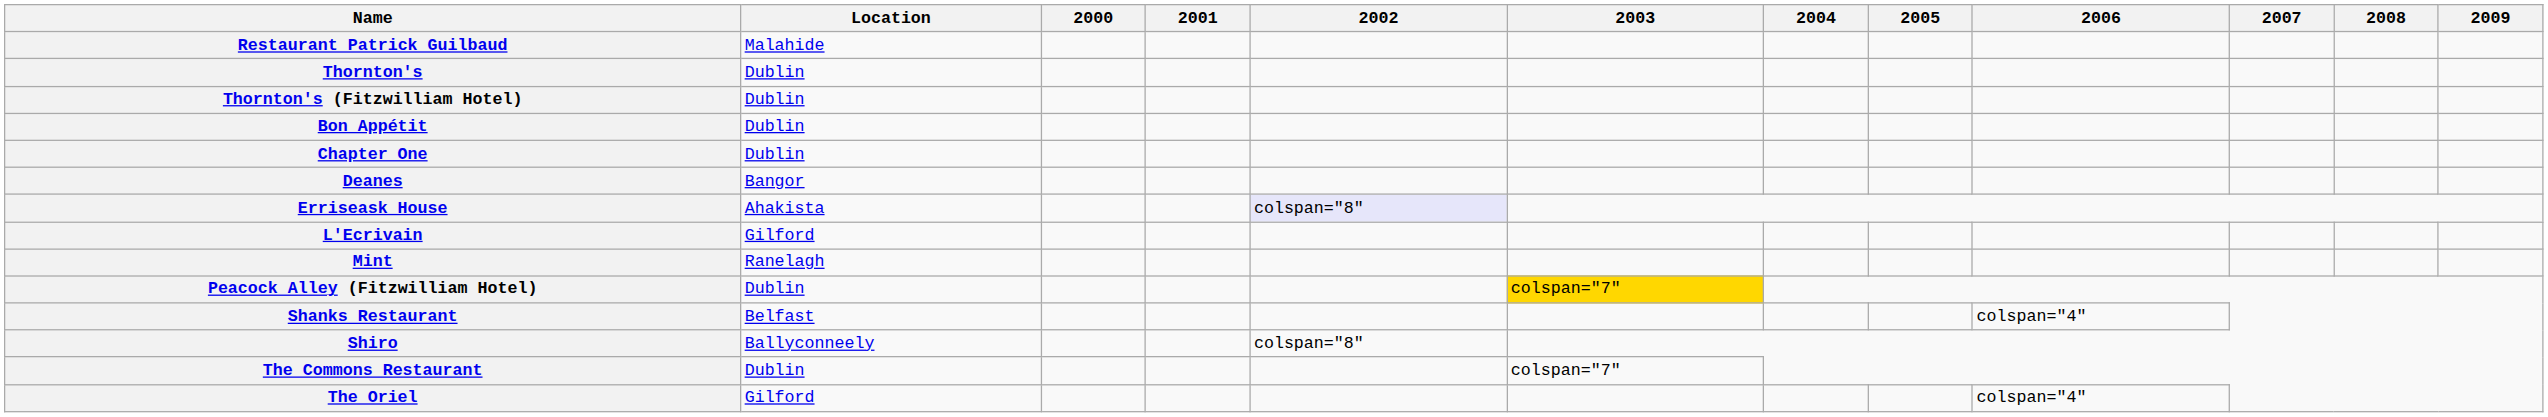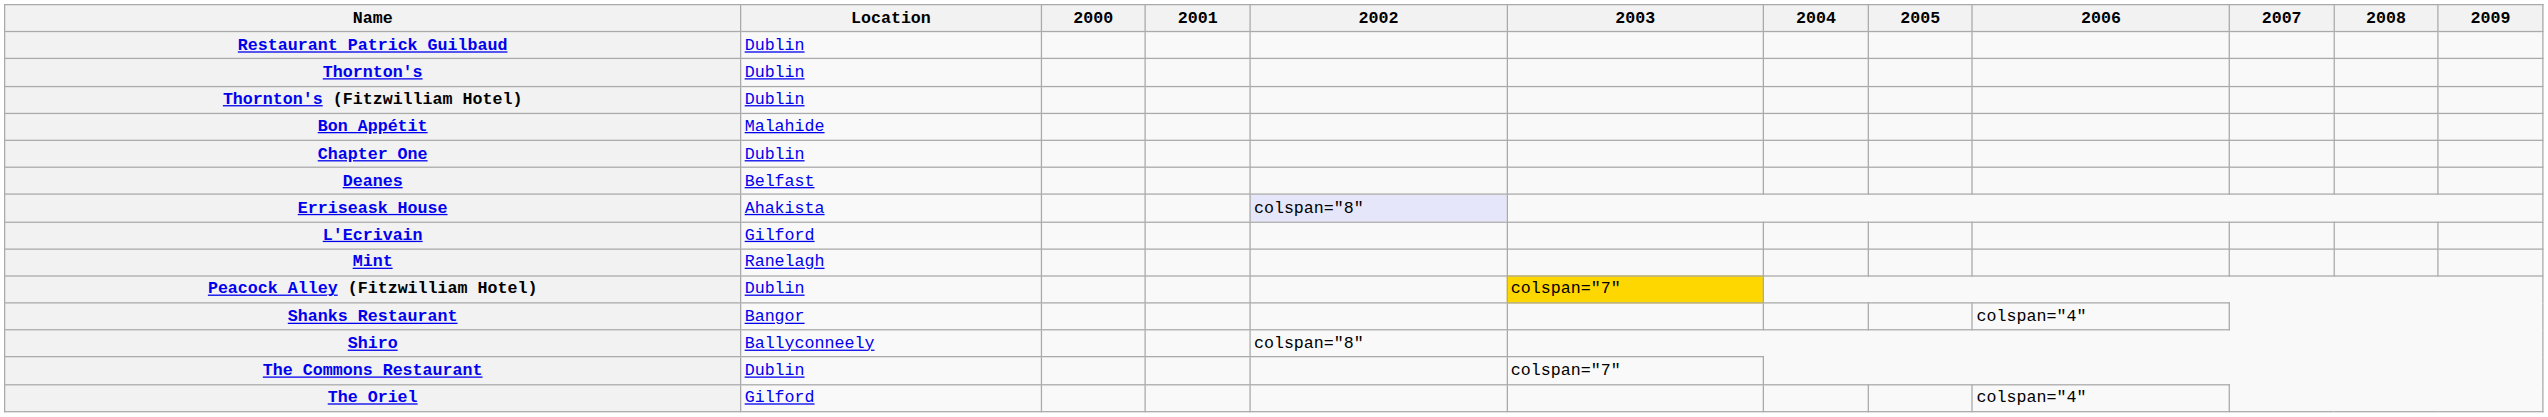 <table class="wikitable sortable plainrowheaders" style="width:100%;">
 <tr>
 <th scope="col">Name</th>
 <th scope="col">Location</th>
 <th scope="col">2000</th>
 <th scope="col">2001</th>
 <th scope="col">2002</th>
 <th scope="col">2003</th>
 <th scope="col">2004</th>
 <th scope="col">2005</th>
 <th scope="col">2006</th>
 <th scope="col">2007</th>
 <th scope="col">2008</th>
 <th scope="col">2009</th>
 </tr>
 <tr>
 <th scope="row"><a href='#'>Restaurant Patrick Guilbaud</a></th>
-<td><a href='#'>Malahide</a></td>
+<td><a href='#'>Dublin</a></td>
 <td></td>
 <td></td>
 <td></td>
 <td></td>
 <td></td>
 <td></td>
 <td></td>
 <td></td>
 <td></td>
 <td></td>
 </tr>
 <tr>
 <th scope="row"><a href='#'>Thornton's</a></th>
 <td><a href='#'>Dublin</a></td>
 <td></td>
 <td></td>
 <td></td>
 <td></td>
 <td></td>
 <td></td>
 <td></td>
 <td></td>
 <td></td>
 <td></td>
 </tr>
 <tr>
 <th scope="row"><a href='#'>Thornton's</a> (Fitzwilliam Hotel)</th>
 <td><a href='#'>Dublin</a></td>
 <td></td>
 <td></td>
 <td></td>
 <td></td>
 <td></td>
 <td></td>
 <td></td>
 <td></td>
 <td></td>
 <td></td>
 </tr>
 <tr>
 <th scope="row"><a href='#'>Bon Appétit</a></th>
-<td><a href='#'>Dublin</a></td>
+<td><a href='#'>Malahide</a></td>
 <td></td>
 <td></td>
 <td></td>
 <td></td>
 <td></td>
 <td></td>
 <td></td>
 <td></td>
 <td></td>
 <td></td>
 </tr>
 <tr>
 <th scope="row"><a href='#'>Chapter One</a></th>
 <td><a href='#'>Dublin</a></td>
 <td></td>
 <td></td>
 <td></td>
 <td></td>
 <td></td>
 <td></td>
 <td></td>
 <td></td>
 <td></td>
 <td></td>
 </tr>
 <tr>
 <th scope="row"><a href='#'>Deanes</a></th>
-<td><a href='#'>Bangor</a></td>
+<td><a href='#'>Belfast</a></td>
 <td></td>
 <td></td>
 <td></td>
 <td></td>
 <td></td>
 <td></td>
 <td></td>
 <td></td>
 <td></td>
 <td></td>
 </tr>
 <tr>
 <th scope="row"><a href='#'>Erriseask House</a></th>
 <td><a href='#'>Ahakista</a></td>
 <td></td>
 <td></td>
 <td style="background: lavender;">colspan="8" </td>
 </tr>
 <tr>
 <th scope="row"><a href='#'>L'Ecrivain</a></th>
 <td><a href='#'>Gilford</a></td>
 <td></td>
 <td></td>
 <td></td>
 <td></td>
 <td></td>
 <td></td>
 <td></td>
 <td></td>
 <td></td>
 <td></td>
 </tr>
 <tr>
 <th scope="row"><a href='#'>Mint</a></th>
 <td><a href='#'>Ranelagh</a></td>
 <td></td>
 <td></td>
 <td></td>
 <td></td>
 <td></td>
 <td></td>
 <td></td>
 <td></td>
 <td></td>
 <td></td>
 </tr>
 <tr>
 <th scope="row"><a href='#'>Peacock Alley</a> (Fitzwilliam Hotel)</th>
 <td><a href='#'>Dublin</a></td>
 <td></td>
 <td></td>
 <td></td>
 <td style="background: gold;">colspan="7" </td>
 </tr>
 <tr>
 <th scope="row"><a href='#'>Shanks Restaurant</a></th>
-<td><a href='#'>Belfast</a></td>
+<td><a href='#'>Bangor</a></td>
 <td></td>
 <td></td>
 <td></td>
 <td></td>
 <td></td>
 <td></td>
 <td>colspan="4" </td>
 </tr>
 <tr>
 <th scope="row"><a href='#'>Shiro</a></th>
 <td><a href='#'>Ballyconneely</a></td>
 <td></td>
 <td></td>
 <td>colspan="8" </td>
 </tr>
 <tr>
 <th scope="row"><a href='#'>The Commons Restaurant</a></th>
 <td><a href='#'>Dublin</a></td>
 <td></td>
 <td></td>
 <td></td>
 <td>colspan="7" </td>
 </tr>
 <tr>
 <th scope="row"><a href='#'>The Oriel</a></th>
 <td><a href='#'>Gilford</a></td>
 <td></td>
 <td></td>
 <td></td>
 <td></td>
 <td></td>
 <td></td>
 <td>colspan="4"  </td>
 </tr>
 </table>
